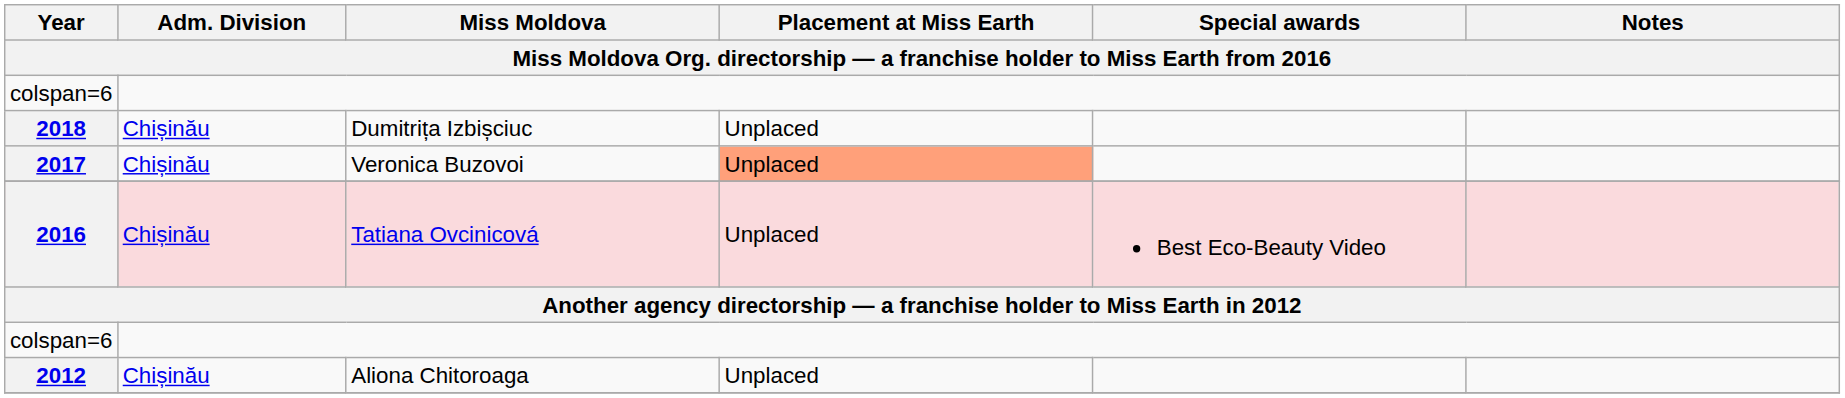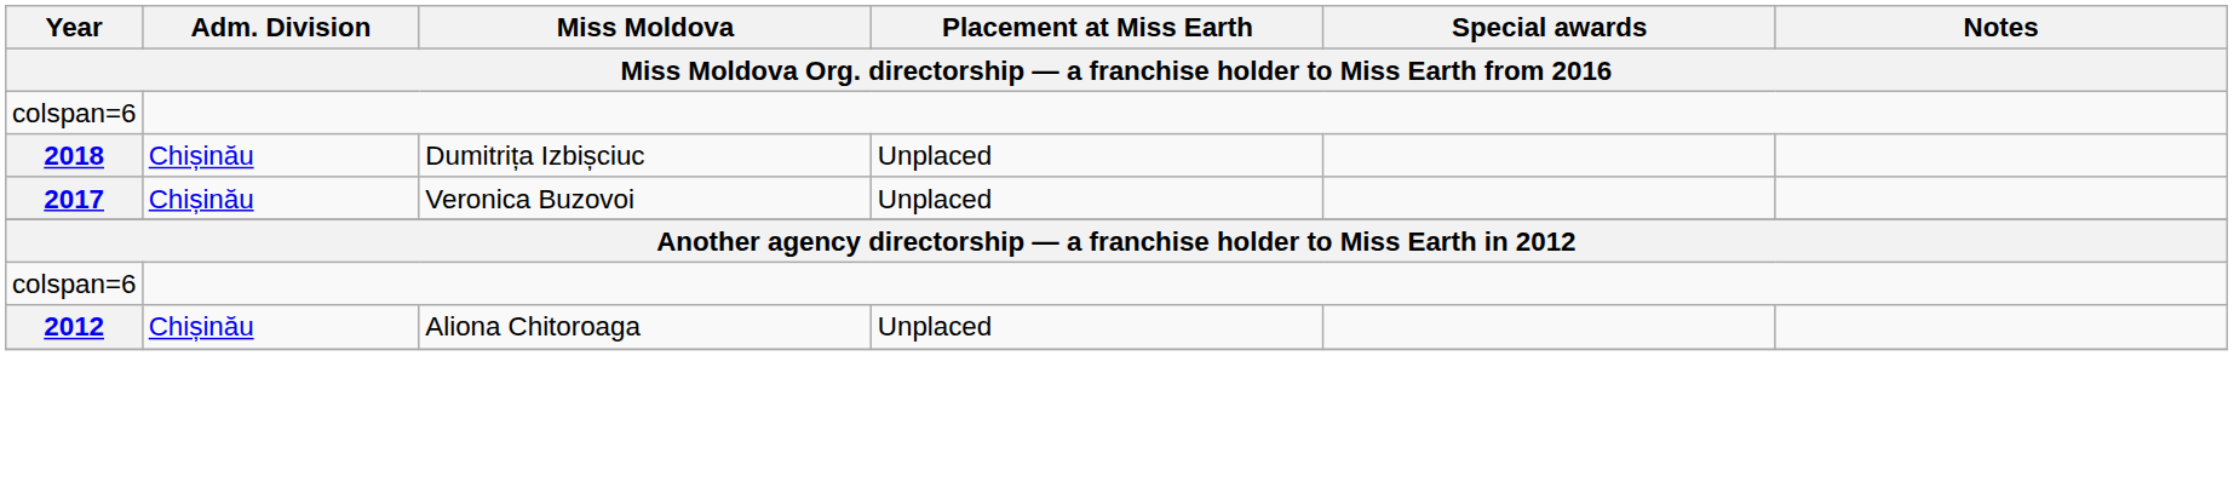 <table class="wikitable " style="font-size: 95%;">
 <tr>
 <th width="60">Year</th>
 <th width="150">Adm. Division</th>
 <th width="250">Miss Moldova</th>
 <th width="250">Placement at Miss Earth</th>
 <th width="250">Special awards</th>
 <th width="250">Notes</th>
 </tr>
 <tr>
 <th colspan="6">Miss Moldova Org. directorship — a franchise holder to Miss Earth from 2016</th>
 </tr>
 <tr>
 <td>colspan=6 </td>
 </tr>
 <tr>
 <th><a href='#'>2018</a></th>
 <td> <a href='#'>Chișinău</a></td>
 <td>Dumitrița Izbișciuc</td>
 <td>Unplaced</td>
 <td></td>
 <td></td>
 </tr>
 <tr>
 <th><a href='#'>2017</a></th>
 <td> <a href='#'>Chișinău</a></td>
 <td>Veronica Buzovoi</td>
-<td style="background: lightsalmon;">Unplaced</td>
+<td>Unplaced</td>
 <td></td>
 <td></td>
 </tr>
 <tr>
-</tr>
-<tr style="background-color:#FADADD;">
-<th><a href='#'>2016</a></th>
-<td> <a href='#'>Chișinău</a></td>
-<td><a href='#'>Tatiana Ovcinicová</a></td>
-<td>Unplaced</td>
-<td><br><ul><li>Best Eco-Beauty Video</li></ul></td>
-<td></td>
 </tr>
 <tr>
 <th colspan="6">Another agency directorship — a franchise holder to Miss Earth in 2012</th>
 </tr>
 <tr>
 <td>colspan=6 </td>
 </tr>
 <tr>
 <th><a href='#'>2012</a></th>
 <td> <a href='#'>Chișinău</a></td>
 <td>Aliona Chitoroaga</td>
 <td>Unplaced</td>
 <td></td>
 <td></td>
 </tr>
 <tr>
 </tr>
 </table>
